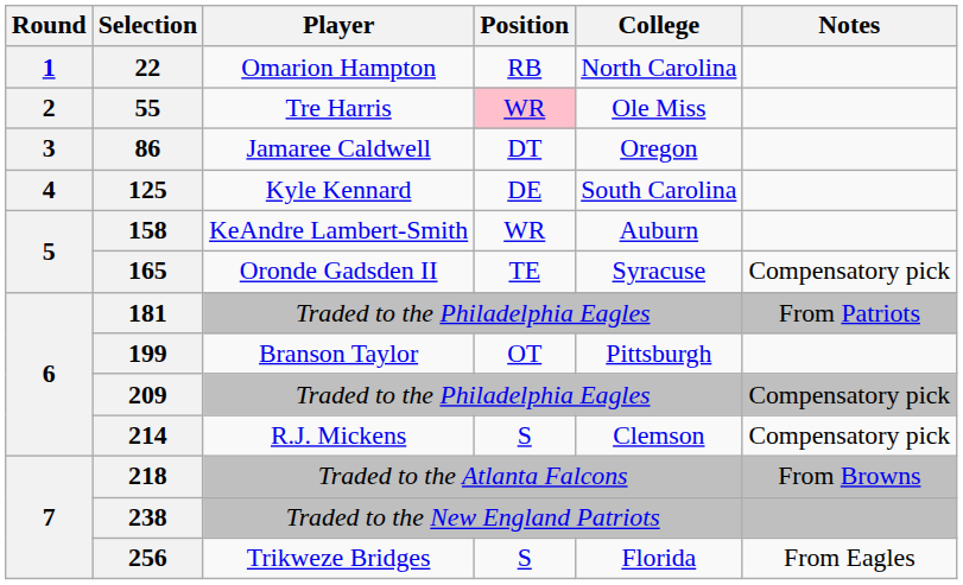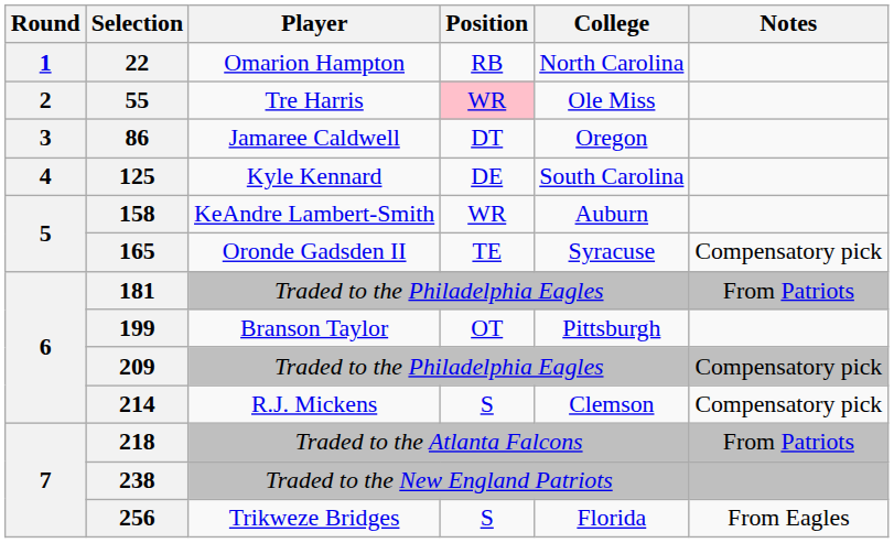 <table class="wikitable" style="text-align:center">
 <tr>
 <th>Round</th>
 <th>Selection</th>
 <th>Player</th>
 <th>Position</th>
 <th>College</th>
 <th>Notes</th>
 </tr>
 <tr>
 <th><a href='#'>1</a></th>
 <th>22</th>
 <td><a href='#'>Omarion Hampton</a></td>
 <td><a href='#'>RB</a></td>
 <td><a href='#'>North Carolina</a></td>
 <td></td>
 </tr>
 <tr>
 <th>2</th>
 <th>55</th>
 <td><a href='#'>Tre Harris</a></td>
 <td style="background: pink;"><a href='#'>WR</a></td>
 <td><a href='#'>Ole Miss</a></td>
 <td></td>
 </tr>
 <tr>
 <th>3</th>
 <th>86</th>
 <td><a href='#'>Jamaree Caldwell</a></td>
 <td><a href='#'>DT</a></td>
 <td><a href='#'>Oregon</a></td>
 <td></td>
 </tr>
 <tr>
 <th>4</th>
 <th>125</th>
 <td><a href='#'>Kyle Kennard</a></td>
 <td><a href='#'>DE</a></td>
 <td><a href='#'>South Carolina</a></td>
 <td></td>
 </tr>
 <tr>
 <th rowspan="2">5</th>
 <th>158</th>
 <td><a href='#'>KeAndre Lambert-Smith</a></td>
 <td><a href='#'>WR</a></td>
 <td><a href='#'>Auburn</a></td>
 <td></td>
 </tr>
 <tr>
 <th>165</th>
 <td><a href='#'>Oronde Gadsden II</a></td>
 <td><a href='#'>TE</a></td>
 <td><a href='#'>Syracuse</a></td>
 <td>Compensatory pick</td>
 </tr>
 <tr>
 <th rowspan="4">6</th>
 <th>181</th>
 <td colspan="3" style="background:#BFBFBF"><em>Traded to the <a href='#'>Philadelphia Eagles</a></em></td>
 <td style="background:#BFBFBF">From <a href='#'>Patriots</a></td>
 </tr>
 <tr>
 <th>199</th>
 <td><a href='#'>Branson Taylor</a></td>
 <td><a href='#'>OT</a></td>
 <td><a href='#'>Pittsburgh</a></td>
 <td></td>
 </tr>
 <tr>
 <th>209</th>
 <td colspan="3" style="background:#BFBFBF"><em>Traded to the <a href='#'>Philadelphia Eagles</a></em></td>
 <td style="background:#BFBFBF">Compensatory pick</td>
 </tr>
 <tr>
 <th>214</th>
 <td><a href='#'>R.J. Mickens</a></td>
 <td><a href='#'>S</a></td>
 <td><a href='#'>Clemson</a></td>
 <td>Compensatory pick</td>
 </tr>
 <tr>
 <th rowspan="3">7</th>
 <th>218</th>
 <td colspan="3" style="background:#BFBFBF"><em>Traded to the <a href='#'>Atlanta Falcons</a></em></td>
-<td style="background:#BFBFBF">From <a href='#'>Browns</a></td>
+<td style="background:#BFBFBF">From <a href='#'>Patriots</a></td>
 </tr>
 <tr>
 <th>238</th>
 <td colspan="3" style="background:#BFBFBF"><em>Traded to the <a href='#'>New England Patriots</a></em></td>
 <td style="background:#BFBFBF"></td>
 </tr>
 <tr>
 <th>256</th>
 <td><a href='#'>Trikweze Bridges</a></td>
 <td><a href='#'>S</a></td>
 <td><a href='#'>Florida</a></td>
 <td>From Eagles</td>
 </tr>
 </table>
